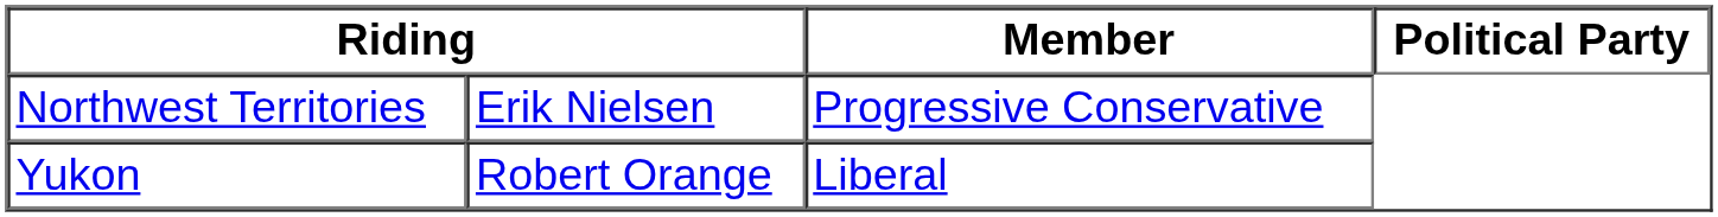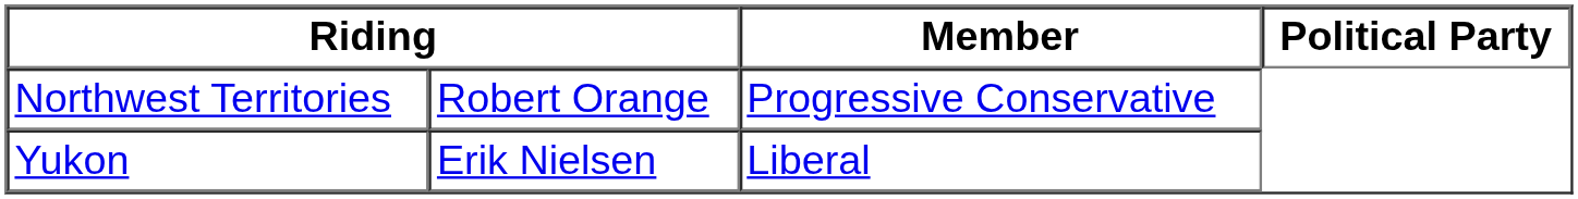 <table border="1" table width="610" cellpadding="2" cellspacing="0">
 <tr>
 <th colspan=2>Riding</th>
 <th>Member</th>
 <th>Political Party</th>
 </tr>
 <tr>
 <td><a href='#'>Northwest Territories</a></td>
-<td><a href='#'>Erik Nielsen</a></td>
+<td><a href='#'>Robert Orange</a></td>
 <td><a href='#'>Progressive Conservative</a></td>
 </tr>
 <tr>
 <td><a href='#'>Yukon</a></td>
-<td><a href='#'>Robert Orange</a></td>
+<td><a href='#'>Erik Nielsen</a></td>
 <td><a href='#'>Liberal</a></td>
 </tr>
 </table>
